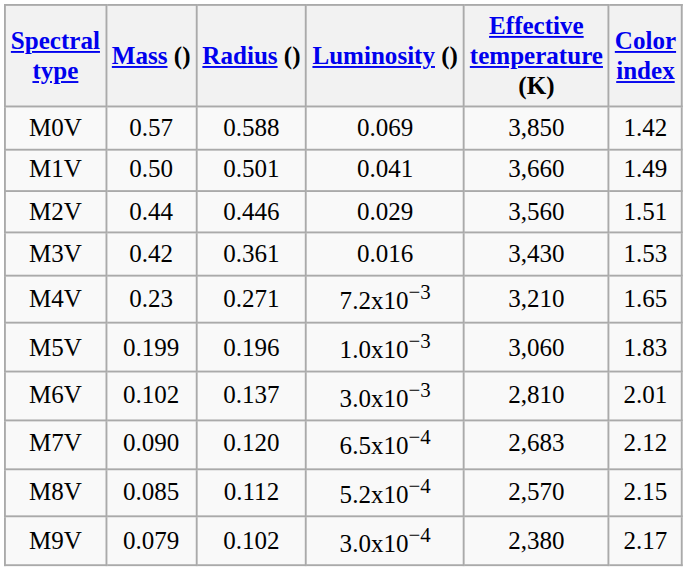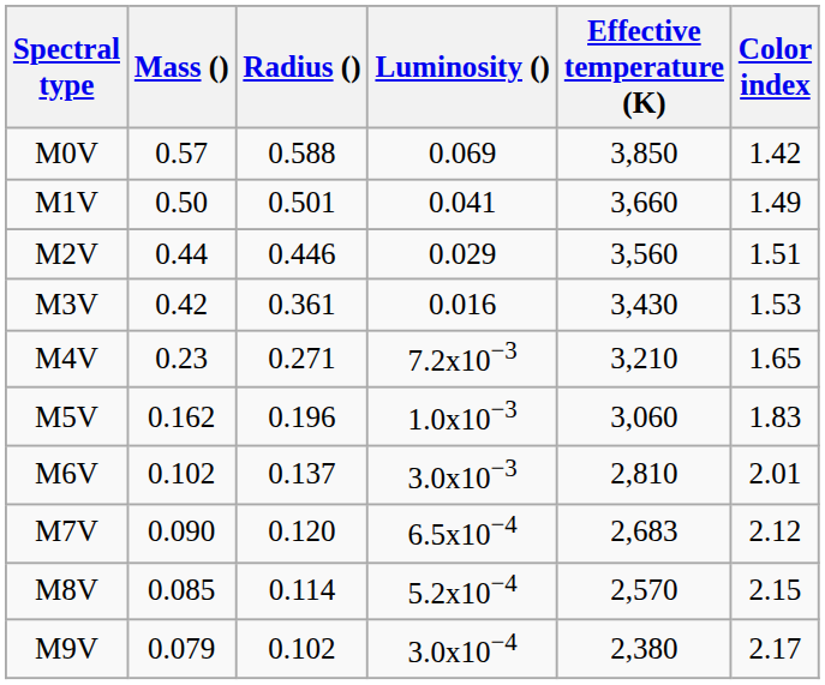 <table class="wikitable floatright" style="text-align:center; font-size:smaller;">
 <tr>
 <th><a href='#'>Spectral<br>type</a></th>
 <th><a href='#'>Mass</a> ()</th>
 <th><a href='#'>Radius</a> ()</th>
 <th><a href='#'>Luminosity</a> ()</th>
 <th><a href='#'>Effective<br>temperature</a><br>(K)</th>
 <th><a href='#'>Color<br>index</a><br></th>
 </tr>
 <tr>
 <td>M0V</td>
 <td>0.57</td>
 <td>0.588</td>
 <td>0.069</td>
 <td style="background-color:#">3,850</td>
 <td>1.42</td>
 </tr>
 <tr>
 <td>M1V</td>
 <td>0.50</td>
 <td>0.501</td>
 <td>0.041</td>
 <td style="background-color:#">3,660</td>
 <td>1.49</td>
 </tr>
 <tr>
 <td>M2V</td>
 <td>0.44</td>
 <td>0.446</td>
 <td>0.029</td>
 <td style="background-color:#">3,560</td>
 <td>1.51</td>
 </tr>
 <tr>
 <td>M3V</td>
 <td>0.42</td>
 <td>0.361</td>
 <td>0.016</td>
 <td style="background-color:#">3,430</td>
 <td>1.53</td>
 </tr>
 <tr>
 <td>M4V</td>
 <td>0.23</td>
 <td>0.271</td>
 <td>7.2x10<sup>−3</sup></td>
 <td style="background-color:#">3,210</td>
 <td>1.65</td>
 </tr>
 <tr>
 <td>M5V</td>
-<td>0.199</td>
+<td>0.162</td>
 <td>0.196</td>
 <td>1.0x10<sup>−3</sup></td>
 <td style="background-color:#">3,060</td>
 <td>1.83</td>
 </tr>
 <tr>
 <td>M6V</td>
 <td>0.102</td>
 <td>0.137</td>
 <td>3.0x10<sup>−3</sup></td>
 <td style="background-color:#">2,810</td>
 <td>2.01</td>
 </tr>
 <tr>
 <td>M7V</td>
 <td>0.090</td>
 <td>0.120</td>
 <td>6.5x10<sup>−4</sup></td>
 <td style="background-color:#">2,683</td>
 <td>2.12</td>
 </tr>
 <tr>
 <td>M8V</td>
 <td>0.085</td>
-<td>0.112</td>
+<td>0.114</td>
 <td>5.2x10<sup>−4</sup></td>
 <td style="background-color:#">2,570</td>
 <td>2.15</td>
 </tr>
 <tr>
 <td>M9V</td>
 <td>0.079</td>
 <td>0.102</td>
 <td>3.0x10<sup>−4</sup></td>
 <td style="background-color:#">2,380</td>
 <td>2.17</td>
 </tr>
 </table>
